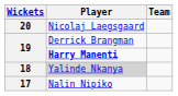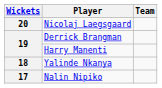 <table class="wikitable">
 <tr>
 <th scope=col><a href='#'>Wickets</a></th>
 <th scope=col>Player</th>
 <th scope=col>Team</th>
 </tr>
 <tr>
 <th scope=row>20</th>
 <td><a href='#'>Nicolaj Laegsgaard</a></td>
 <td></td>
 </tr>
 <tr>
 <th scope=row rowspan=2>19</th>
 <td><a href='#'>Derrick Brangman</a></td>
 <td></td>
 </tr>
 <tr>
-<td><strong><a href='#'>Harry Manenti</a></strong></td>
+<td><a href='#'>Harry Manenti</a></td>
 <td></td>
 </tr>
 <tr>
 <th scope=row>18</th>
-<td style="background: lightgrey;"><a href='#'>Yalinde Nkanya</a></td>
+<td><a href='#'>Yalinde Nkanya</a></td>
 <td></td>
 </tr>
 <tr>
 <th scope=row>17</th>
 <td><a href='#'>Nalin Nipiko</a></td>
 <td></td>
 </tr>
 </table>
